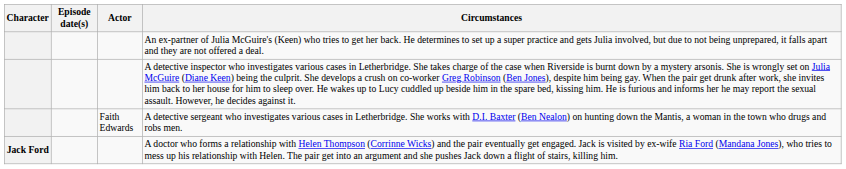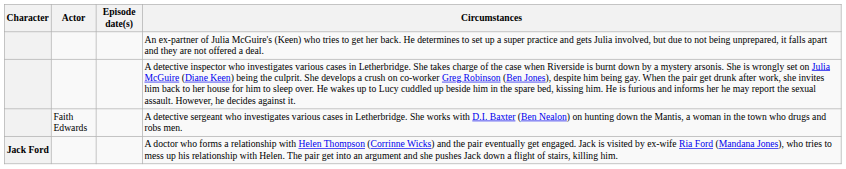 <table class="wikitable plainrowheaders" style="font-size:90%">
 <tr>
 <th scope="col">Character</th>
+<th scope="col">Actor</th>
 <th scope="col">Episode date(s)</th>
-<th scope="col">Actor</th>
 <th scope="col">Circumstances</th>
 </tr>
 <tr>
 <th scope="row"> </th>
 <td></td>
 <td></td>
 <td>An ex-partner of Julia McGuire's (Keen) who tries to get her back. He determines to set up a super practice and gets Julia involved, but due to not being unprepared, it falls apart and they are not offered a deal.</td>
 </tr>
 <tr>
 <th scope="row"> </th>
 <td></td>
 <td></td>
 <td>A detective inspector who investigates various cases in Letherbridge. She takes charge of the case when Riverside is burnt down by a mystery arsonis. She is wrongly set on <a href='#'>Julia McGuire</a> (<a href='#'>Diane Keen</a>) being the culprit. She develops a crush on co-worker <a href='#'>Greg Robinson</a> (<a href='#'>Ben Jones</a>), despite him being gay. When the pair get drunk after work, she invites him back to her house for him to sleep over. He wakes up to Lucy cuddled up beside him in the spare bed, kissing him. He is furious and informs her he may report the sexual assault. However, he decides against it.</td>
 </tr>
 <tr>
 <th scope="row"> </th>
+<td>Faith Edwards</td>
 <td></td>
-<td>Faith Edwards</td>
 <td>A detective sergeant who investigates various cases in Letherbridge. She works with <a href='#'>D.I. Baxter</a> (<a href='#'>Ben Nealon</a>) on hunting down the Mantis, a woman in the town who drugs and robs men.</td>
 </tr>
 <tr>
 <th scope="row">Jack Ford </th>
 <td></td>
 <td></td>
 <td>A doctor who forms a relationship with <a href='#'>Helen Thompson</a> (<a href='#'>Corrinne Wicks</a>) and the pair eventually get engaged. Jack is visited by ex-wife <a href='#'>Ria Ford</a> (<a href='#'>Mandana Jones</a>), who tries to mess up his relationship with Helen. The pair get into an argument and she pushes Jack down a flight of stairs, killing him.</td>
 </tr>
 </table>
